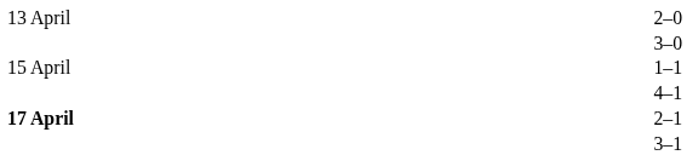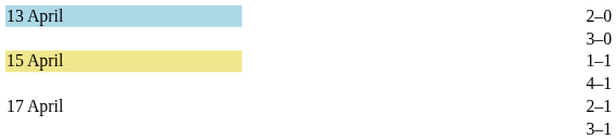 <table cellspacing=1 width=70%>
 <tr>
 <th width=25%></th>
 <th width=30%></th>
 <th width=15%></th>
 <th width=30%></th>
 </tr>
 <tr>
-<td>13 April</td>
+<td style="background: lightblue;">13 April</td>
 <td align=right></td>
 <td align=center>2–0</td>
 <td></td>
 </tr>
 <tr>
 <td></td>
 <td align=right></td>
 <td align=center>3–0</td>
 <td></td>
 </tr>
 <tr>
-<td>15 April</td>
+<td style="background: khaki;">15 April</td>
 <td align=right></td>
 <td align=center>1–1</td>
 <td></td>
 </tr>
 <tr>
 <td></td>
 <td align=right></td>
 <td align=center>4–1</td>
 <td></td>
 </tr>
 <tr>
-<td><strong>17 April</strong></td>
+<td>17 April</td>
 <td align=right></td>
 <td align=center>2–1</td>
 <td></td>
 </tr>
 <tr>
 <td></td>
 <td align=right></td>
 <td align=center>3–1</td>
 <td></td>
 </tr>
 </table>
